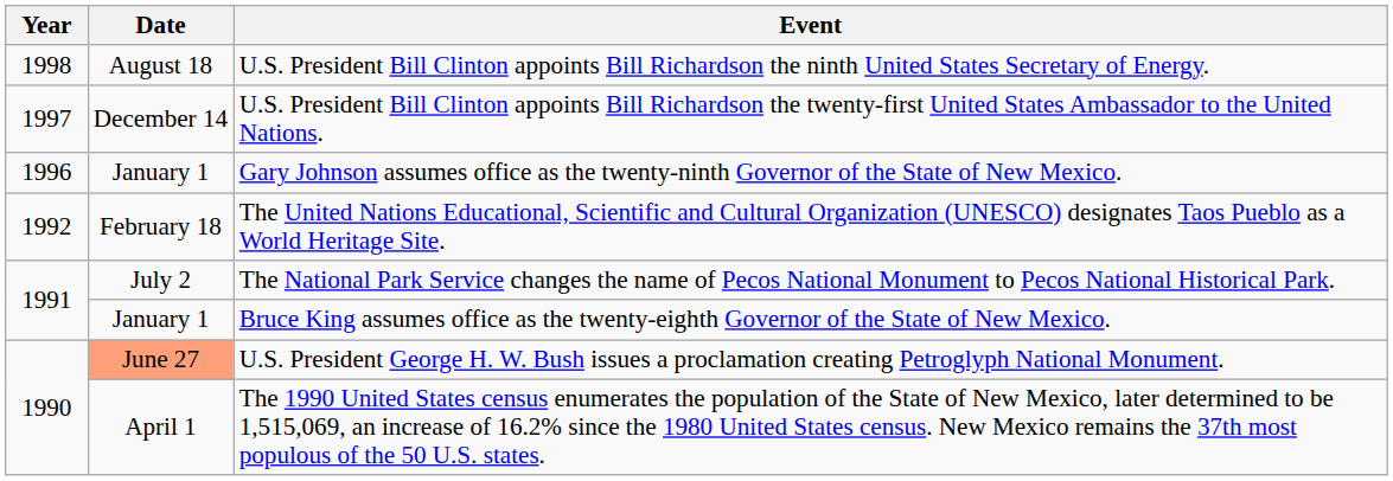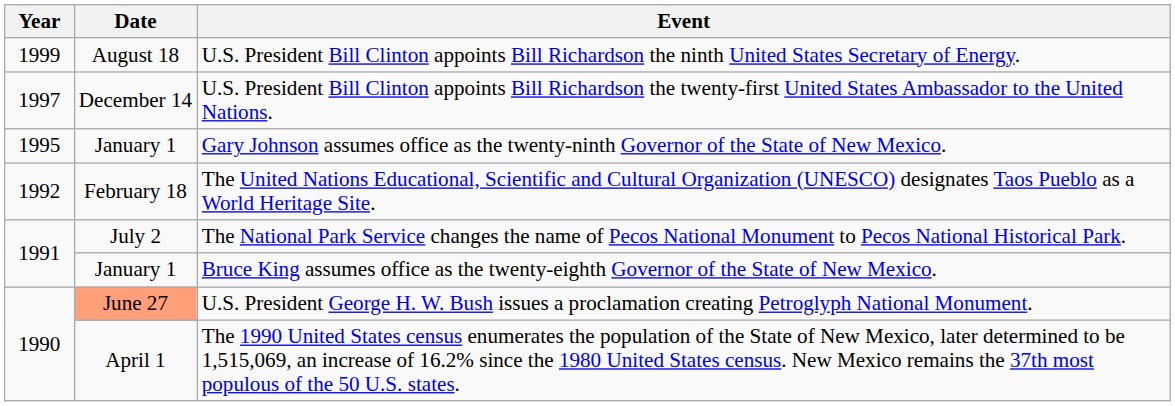 <table class="wikitable" style="width:100%;">
 <tr>
 <th style="width:6%">Year</th>
 <th style="width:8%">Date</th>
 <th style="width:86%">Event</th>
 </tr>
 <tr>
-<td align=center rowspan=1>1998</td>
+<td align=center rowspan=1>1999</td>
 <td align=center>August 18</td>
 <td>U.S. President <a href='#'>Bill Clinton</a> appoints <a href='#'>Bill Richardson</a> the ninth <a href='#'>United States Secretary of Energy</a>.</td>
 </tr>
 <tr>
 <td align=center rowspan=1>1997</td>
 <td align=center>December 14</td>
 <td>U.S. President <a href='#'>Bill Clinton</a> appoints <a href='#'>Bill Richardson</a> the twenty-first <a href='#'>United States Ambassador to the United Nations</a>.</td>
 </tr>
 <tr>
-<td align=center rowspan=1>1996</td>
+<td align=center rowspan=1>1995</td>
 <td align=center>January 1</td>
 <td><a href='#'>Gary Johnson</a> assumes office as the twenty-ninth <a href='#'>Governor of the State of New Mexico</a>.</td>
 </tr>
 <tr>
 <td align=center rowspan=1>1992</td>
 <td align=center>February 18</td>
 <td>The <a href='#'>United Nations Educational, Scientific and Cultural Organization (UNESCO)</a> designates <a href='#'>Taos Pueblo</a> as a <a href='#'>World Heritage Site</a>.</td>
 </tr>
 <tr>
 <td align=center rowspan=2>1991</td>
 <td align=center>July 2</td>
 <td>The <a href='#'>National Park Service</a> changes the name of <a href='#'>Pecos National Monument</a> to <a href='#'>Pecos National Historical Park</a>.</td>
 </tr>
 <tr>
 <td align=center>January 1</td>
 <td><a href='#'>Bruce King</a> assumes office as the twenty-eighth <a href='#'>Governor of the State of New Mexico</a>.</td>
 </tr>
 <tr>
 <td align=center rowspan=2>1990</td>
 <td align=center style="background: lightsalmon;">June 27</td>
 <td>U.S. President <a href='#'>George H. W. Bush</a> issues a proclamation creating <a href='#'>Petroglyph National Monument</a>.</td>
 </tr>
 <tr>
 <td align=center>April 1</td>
 <td>The <a href='#'>1990 United States census</a> enumerates the population of the State of New Mexico, later determined to be 1,515,069, an increase of 16.2% since the <a href='#'>1980 United States census</a>. New Mexico remains the <a href='#'>37th most populous of the 50 U.S. states</a>.</td>
 </tr>
 </table>
